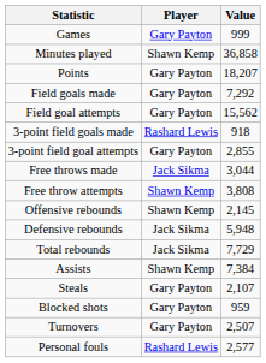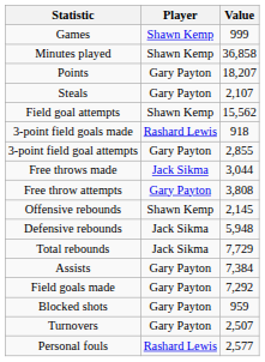 <table class="wikitable" style="text-align:center">
 <tr>
 <th>Statistic</th>
 <th>Player</th>
 <th>Value</th>
 </tr>
 <tr>
 <td>Games</td>
-<td><a href='#'>Gary Payton</a></td>
+<td><a href='#'>Shawn Kemp</a></td>
 <td>999</td>
 </tr>
 <tr>
 <td>Minutes played</td>
 <td>Shawn Kemp</td>
 <td>36,858</td>
 </tr>
 <tr>
 <td>Points</td>
 <td>Gary Payton</td>
 <td>18,207</td>
 </tr>
 <tr>
-<td>Field goals made</td>
+<td>Steals</td>
 <td>Gary Payton</td>
-<td>7,292</td>
+<td>2,107</td>
 </tr>
 <tr>
 <td>Field goal attempts</td>
-<td>Gary Payton</td>
+<td>Shawn Kemp</td>
 <td>15,562</td>
 </tr>
 <tr>
 <td>3-point field goals made</td>
 <td><a href='#'>Rashard Lewis</a></td>
 <td>918</td>
 </tr>
 <tr>
 <td>3-point field goal attempts</td>
 <td>Gary Payton</td>
 <td>2,855</td>
 </tr>
 <tr>
 <td>Free throws made</td>
 <td><a href='#'>Jack Sikma</a></td>
 <td>3,044</td>
 </tr>
 <tr>
 <td>Free throw attempts</td>
-<td><a href='#'>Shawn Kemp</a></td>
+<td><a href='#'>Gary Payton</a></td>
 <td>3,808</td>
 </tr>
 <tr>
 <td>Offensive rebounds</td>
 <td>Shawn Kemp</td>
 <td>2,145</td>
 </tr>
 <tr>
 <td>Defensive rebounds</td>
 <td>Jack Sikma</td>
 <td>5,948</td>
 </tr>
 <tr>
 <td>Total rebounds</td>
 <td>Jack Sikma</td>
 <td>7,729</td>
 </tr>
 <tr>
 <td>Assists</td>
-<td>Shawn Kemp</td>
+<td>Gary Payton</td>
 <td>7,384</td>
 </tr>
 <tr>
-<td>Steals</td>
+<td>Field goals made</td>
 <td>Gary Payton</td>
-<td>2,107</td>
+<td>7,292</td>
 </tr>
 <tr>
 <td>Blocked shots</td>
 <td>Gary Payton</td>
 <td>959</td>
 </tr>
 <tr>
 <td>Turnovers</td>
 <td>Gary Payton</td>
 <td>2,507</td>
 </tr>
 <tr>
 <td>Personal fouls</td>
 <td><a href='#'>Rashard Lewis</a></td>
 <td>2,577</td>
 </tr>
 </table>
